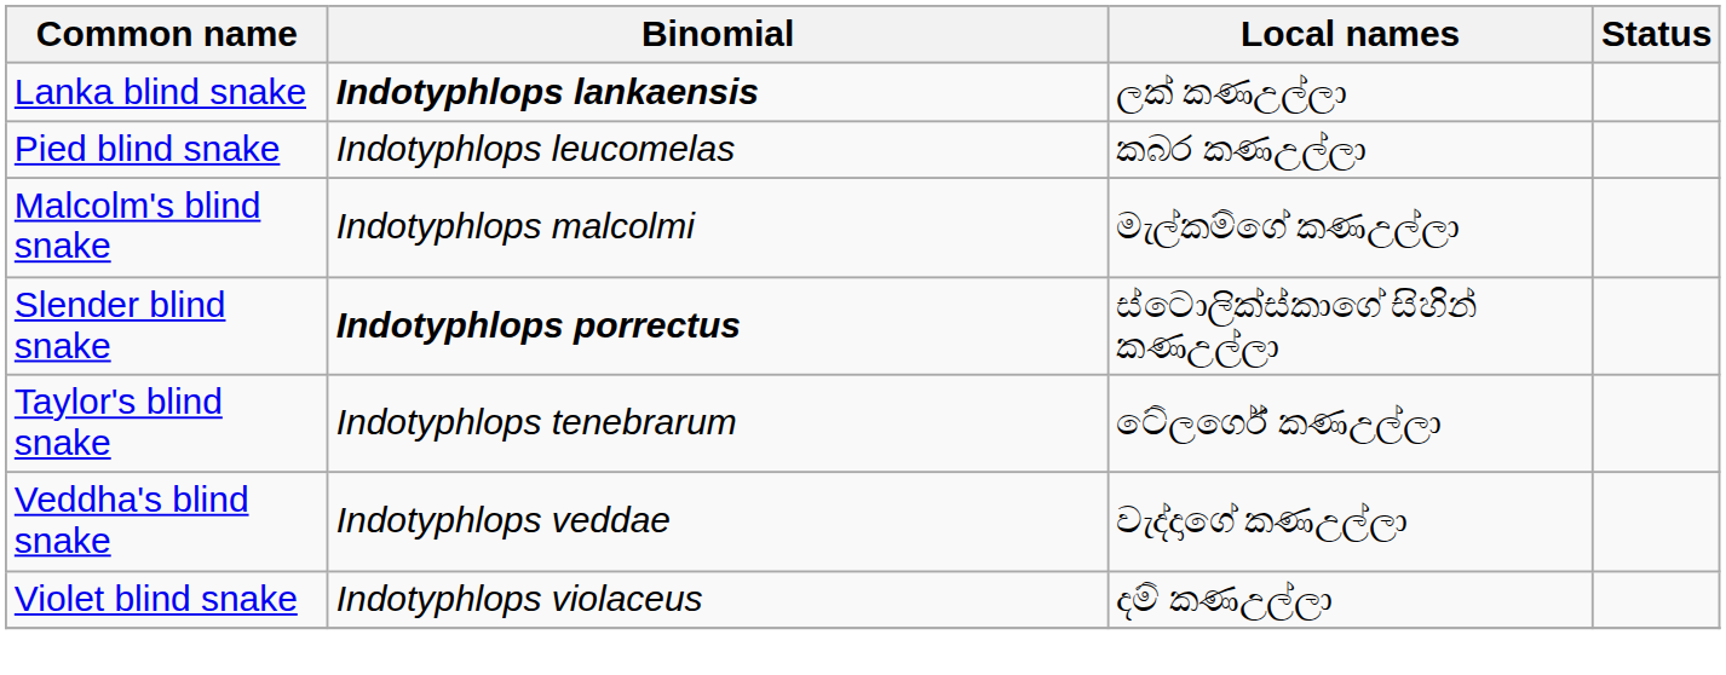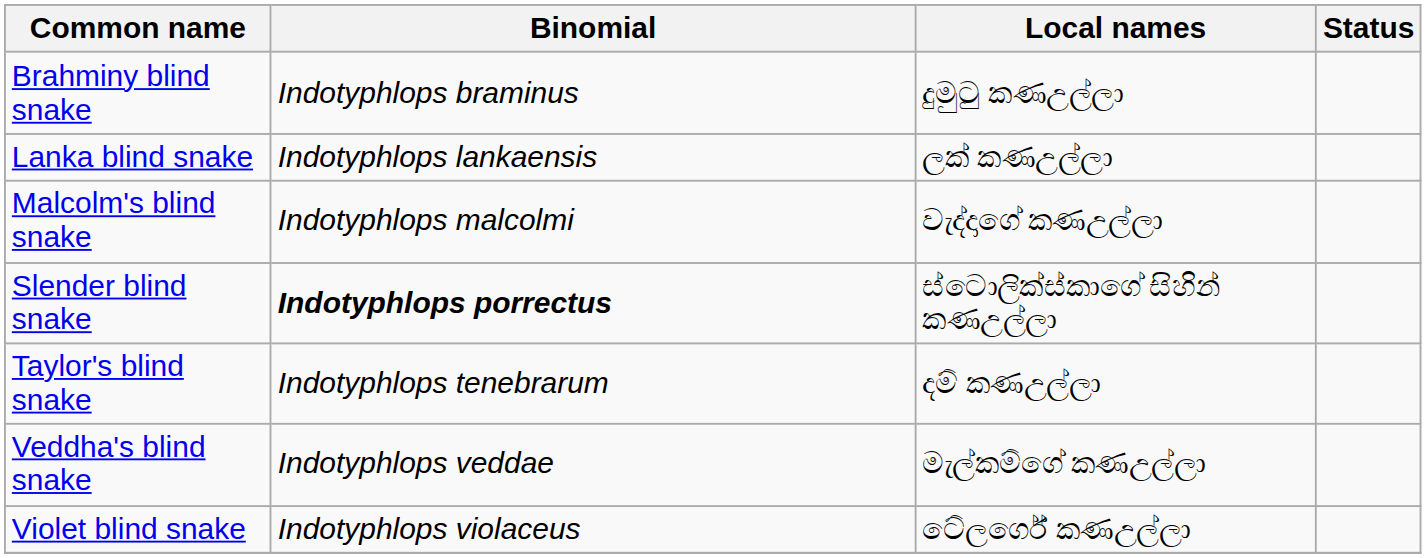 <table width=60% class="wikitable">
 <tr>
 <th width=20%>Common name</th>
 <th width=50%>Binomial</th>
 <th width=40%>Local names</th>
 <th width=20%>Status</th>
 </tr>
 <tr>
-<td><a href='#'>Lanka blind snake</a></td>
-<td><strong><em>Indotyphlops lankaensis</em></strong></td>
-<td>ලක් කණඋල්ලා</td>
+<td><a href='#'>Brahminy blind snake</a><br></td>
+<td><em>Indotyphlops braminus</em></td>
+<td>දුමු‍ටු කණඋල්ලා</td>
 <td></td>
 </tr>
 <tr>
-<td><a href='#'>Pied blind snake</a></td>
-<td><em>Indotyphlops leucomelas</em></td>
-<td>කබර කණඋල්ලා</td>
+<td><a href='#'>Lanka blind snake</a></td>
+<td><em>Indotyphlops lankaensis</em></td>
+<td>ලක් කණඋල්ලා</td>
 <td></td>
 </tr>
 <tr>
 <td><a href='#'>Malcolm's blind snake</a></td>
 <td><em>Indotyphlops malcolmi</em></td>
-<td>මැල්කම්ගේ කණඋල්ලා</td>
+<td>වැද්දාගේ කණඋල්ලා</td>
 <td></td>
 </tr>
 <tr>
 <td><a href='#'>Slender blind snake</a></td>
 <td><strong><em>Indotyphlops porrectus</em></strong></td>
 <td>ස්ටොලික්ස්කාගේ සිහින් කණඋල්ලා</td>
 <td></td>
 </tr>
 <tr>
 <td><a href='#'>Taylor's blind snake</a></td>
 <td><em>Indotyphlops tenebrarum</em></td>
-<td>ටේලර්ගේ කණඋල්ලා</td>
+<td>දම් කණඋල්ලා</td>
 <td></td>
 </tr>
 <tr>
 <td><a href='#'>Veddha's blind snake</a></td>
 <td><em>Indotyphlops veddae</em></td>
-<td>වැද්දාගේ කණඋල්ලා</td>
+<td>මැල්කම්ගේ කණඋල්ලා</td>
 <td></td>
 </tr>
 <tr>
 <td><a href='#'>Violet blind snake</a></td>
 <td><em>Indotyphlops violaceus</em></td>
-<td>දම් කණඋල්ලා</td>
+<td>ටේලර්ගේ කණඋල්ලා</td>
 <td></td>
 </tr>
 <tr>
 </tr>
 </table>
